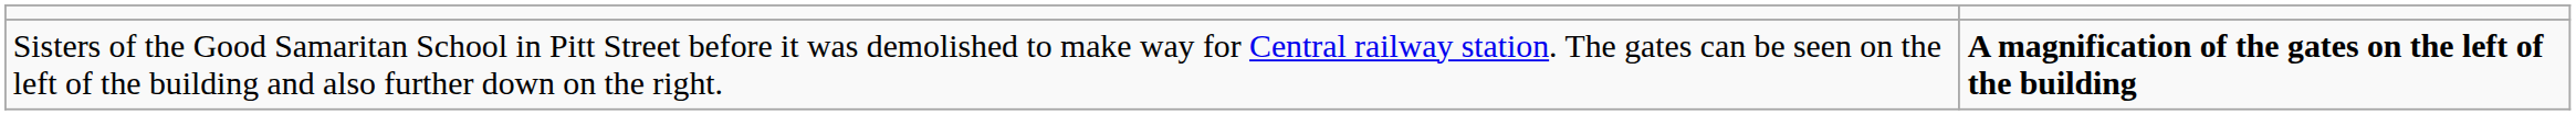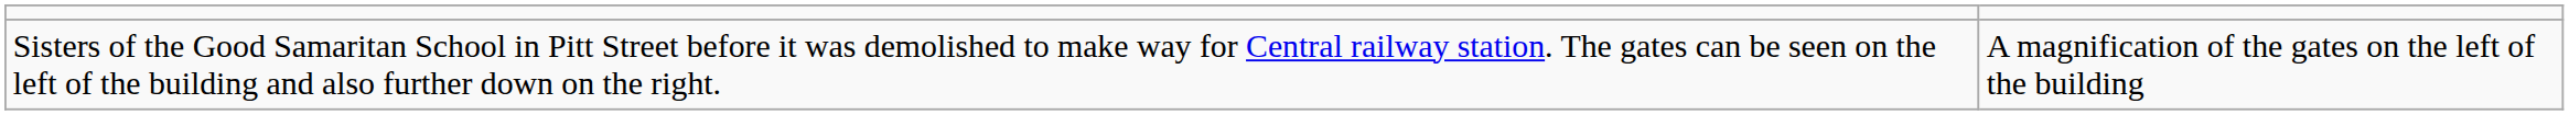 <table class="wikitable" border="1">
 <tr>
 <td></td>
 <td></td>
 </tr>
 <tr>
 <td>Sisters of the Good Samaritan School in Pitt Street  before it was demolished to make way for <a href='#'>Central railway station</a>. The gates can be seen on the left of the building and also further down on the right.</td>
-<td><strong>A magnification of the gates on the left of the building</strong></td>
+<td>A magnification of the gates on the left of the building</td>
 </tr>
 </table>
